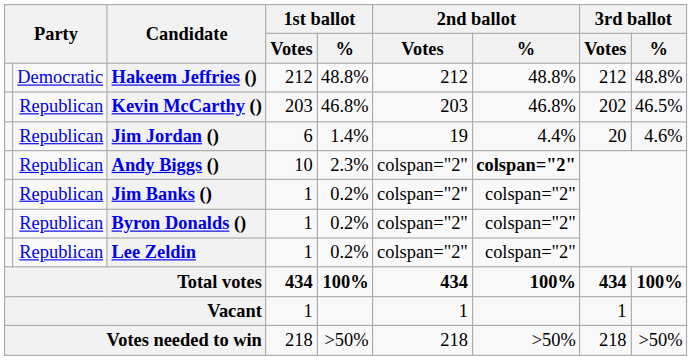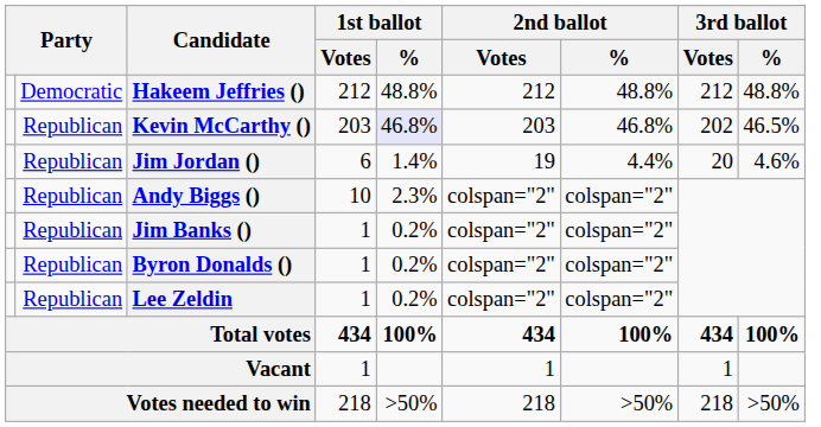 <table class="wikitable plainrowheaders" style="text-align: right;">
 <tr>
 <th colspan="2" rowspan="2" scope="col">Party</th>
 <th rowspan="2" scope="col">Candidate</th>
 <th colspan="2" scope="col">1st ballot</th>
 <th colspan="2" scope="col">2nd ballot</th>
 <th colspan="2" scope="col">3rd ballot</th>
 </tr>
 <tr>
 <th scope="col">Votes</th>
 <th scope="col">%</th>
 <th scope="col">Votes</th>
 <th scope="col">%</th>
 <th scope="col">Votes</th>
 <th scope="col">%</th>
 </tr>
 <tr>
 <td style="background-color:"></td>
 <td><a href='#'>Democratic</a></td>
 <th scope="row" style="text-align: left;"><a href='#'>Hakeem Jeffries</a> ()</th>
 <td>212</td>
 <td>48.8%</td>
 <td>212</td>
 <td>48.8%</td>
 <td>212</td>
 <td>48.8%</td>
 </tr>
 <tr>
 <td style="background-color:"></td>
 <td><a href='#'>Republican</a></td>
 <th scope="row" style="text-align: left;"><a href='#'>Kevin McCarthy</a> ()</th>
 <td>203</td>
-<td>46.8%</td>
+<td style="background: lavender;">46.8%</td>
 <td>203</td>
 <td>46.8%</td>
 <td>202</td>
 <td>46.5%</td>
 </tr>
 <tr>
 <td style="background-color:"></td>
 <td><a href='#'>Republican</a></td>
 <th scope="row" style="text-align: left;"><a href='#'>Jim Jordan</a> ()</th>
 <td>6</td>
 <td>1.4%</td>
 <td>19</td>
 <td>4.4%</td>
 <td>20</td>
 <td>4.6%</td>
 </tr>
 <tr>
 <td style="background-color:"></td>
 <td><a href='#'>Republican</a></td>
 <th scope="row" style="text-align: left;"><a href='#'>Andy Biggs</a> ()</th>
 <td>10</td>
 <td>2.3%</td>
 <td>colspan="2" </td>
-<td><strong>colspan="2" </strong></td>
+<td>colspan="2" </td>
 </tr>
 <tr>
 <td style="background-color:"></td>
 <td><a href='#'>Republican</a></td>
 <th scope="row" style="text-align: left;"><a href='#'>Jim Banks</a> ()</th>
 <td>1</td>
 <td>0.2%</td>
 <td>colspan="2" </td>
 <td>colspan="2" </td>
 </tr>
 <tr>
 <td style="background-color:"></td>
 <td><a href='#'>Republican</a></td>
 <th scope="row" style="text-align: left;"><a href='#'>Byron Donalds</a> ()</th>
 <td>1</td>
 <td>0.2%</td>
 <td>colspan="2" </td>
 <td>colspan="2" </td>
 </tr>
 <tr>
 <td style="background-color:"></td>
 <td><a href='#'>Republican</a></td>
 <th scope="row" style="text-align: left;"><a href='#'>Lee Zeldin</a></th>
 <td>1</td>
 <td>0.2%</td>
 <td>colspan="2" </td>
 <td>colspan="2" </td>
 </tr>
 <tr>
 <th colspan="3" scope="row" style="text-align: right;">Total votes</th>
 <td><strong>434</strong></td>
 <td><strong>100%</strong></td>
 <td><strong>434</strong></td>
 <td><strong>100%</strong></td>
 <td><strong>434</strong></td>
 <td><strong>100%</strong></td>
 </tr>
 <tr>
 <th colspan="3" scope="row" style="text-align: right;">Vacant</th>
 <td>1</td>
 <td></td>
 <td>1</td>
 <td></td>
 <td>1</td>
 <td></td>
 </tr>
 <tr>
 <th colspan="3" scope="row" style="text-align: right;">Votes needed to win</th>
 <td>218</td>
 <td>>50%</td>
 <td>218</td>
 <td>>50%</td>
 <td>218</td>
 <td>>50%</td>
 </tr>
 </table>
